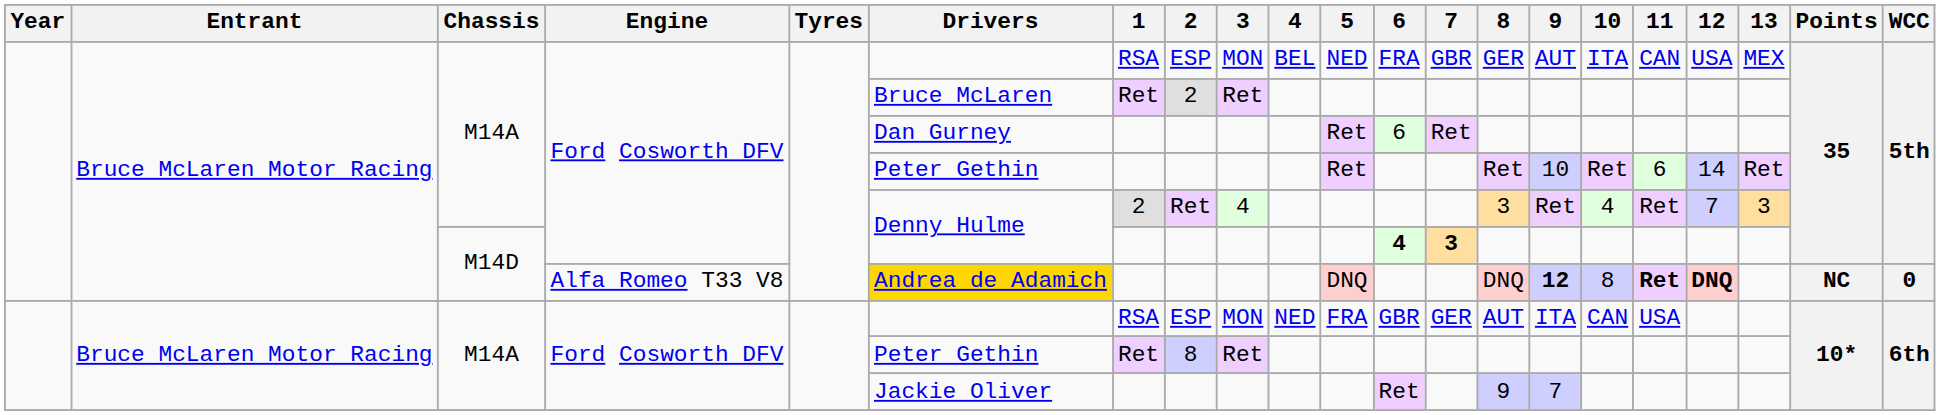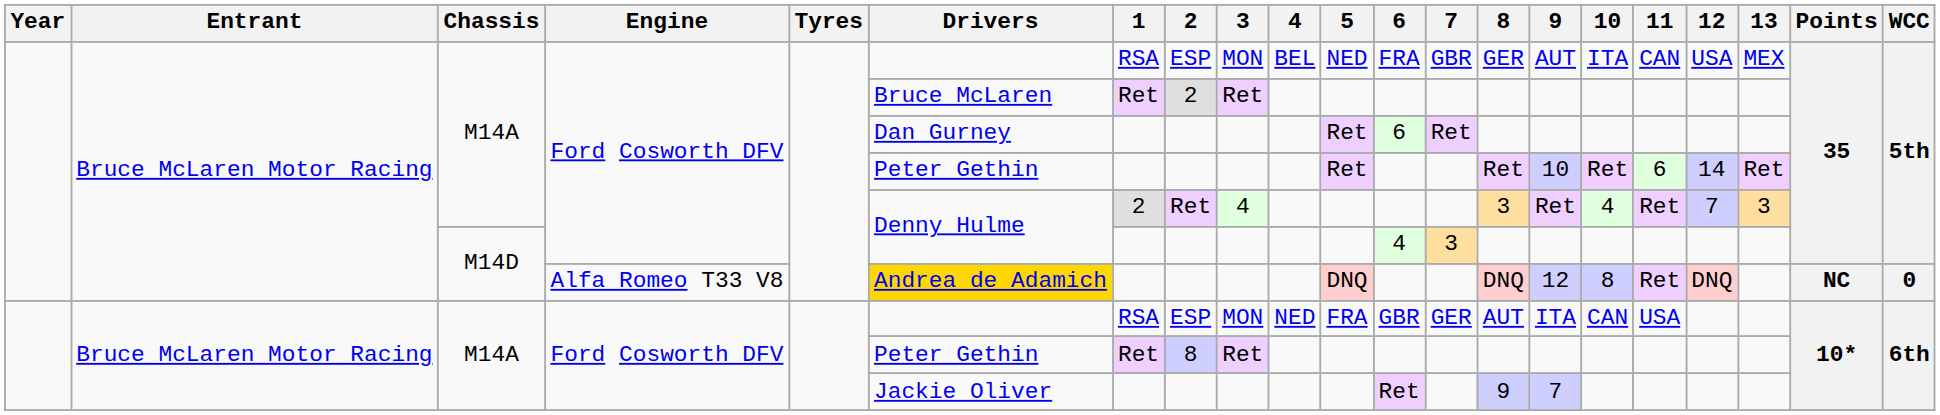 <table class="wikitable" style="text-align:center; font-size:95%">
 <tr>
 <th>Year</th>
 <th>Entrant</th>
 <th>Chassis</th>
 <th>Engine</th>
 <th>Tyres</th>
 <th>Drivers</th>
 <th>1</th>
 <th>2</th>
 <th>3</th>
 <th>4</th>
 <th>5</th>
 <th>6</th>
 <th>7</th>
 <th>8</th>
 <th>9</th>
 <th>10</th>
 <th>11</th>
 <th>12</th>
 <th>13</th>
 <th>Points</th>
 <th>WCC</th>
 </tr>
 <tr>
 <td rowspan="7"></td>
 <td rowspan="7"><a href='#'>Bruce McLaren Motor Racing</a></td>
 <td rowspan="5">M14A</td>
 <td rowspan="6"><a href='#'>Ford</a> <a href='#'>Cosworth DFV</a></td>
 <td rowspan="7"></td>
 <td></td>
 <td><a href='#'>RSA</a></td>
 <td><a href='#'>ESP</a></td>
 <td><a href='#'>MON</a></td>
 <td><a href='#'>BEL</a></td>
 <td><a href='#'>NED</a></td>
 <td><a href='#'>FRA</a></td>
 <td><a href='#'>GBR</a></td>
 <td><a href='#'>GER</a></td>
 <td><a href='#'>AUT</a></td>
 <td><a href='#'>ITA</a></td>
 <td><a href='#'>CAN</a></td>
 <td><a href='#'>USA</a></td>
 <td><a href='#'>MEX</a></td>
 <th rowspan="6">35</th>
 <th rowspan="6">5th</th>
 </tr>
 <tr>
 <td align="left"> <a href='#'>Bruce McLaren</a></td>
 <td style="background:#EFCFFF;">Ret</td>
 <td style="background:#DFDFDF;">2</td>
 <td style="background:#EFCFFF;">Ret</td>
 <td></td>
 <td></td>
 <td></td>
 <td></td>
 <td></td>
 <td></td>
 <td></td>
 <td></td>
 <td></td>
 <td></td>
 </tr>
 <tr>
 <td align="left"> <a href='#'>Dan Gurney</a></td>
 <td></td>
 <td></td>
 <td></td>
 <td></td>
 <td style="background:#EFCFFF;">Ret</td>
 <td style="background:#DFFFDF;">6</td>
 <td style="background:#EFCFFF;">Ret</td>
 <td></td>
 <td></td>
 <td></td>
 <td></td>
 <td></td>
 <td></td>
 </tr>
 <tr>
 <td align="left"> <a href='#'>Peter Gethin</a></td>
 <td></td>
 <td></td>
 <td></td>
 <td></td>
 <td style="background:#EFCFFF;">Ret</td>
 <td></td>
 <td></td>
 <td style="background:#EFCFFF;">Ret</td>
 <td style="background:#CFCFFF;">10</td>
 <td style="background:#EFCFFF;">Ret</td>
 <td style="background:#DFFFDF;">6</td>
 <td style="background:#CFCFFF;">14</td>
 <td style="background:#EFCFFF;">Ret</td>
 </tr>
 <tr>
 <td rowspan="2" align="left"> <a href='#'>Denny Hulme</a></td>
 <td style="background:#DFDFDF;">2</td>
 <td style="background:#EFCFFF;">Ret</td>
 <td style="background:#DFFFDF;">4</td>
 <td></td>
 <td></td>
 <td></td>
 <td></td>
 <td style="background:#FFDF9F;">3</td>
 <td style="background:#EFCFFF;">Ret</td>
 <td style="background:#DFFFDF;">4</td>
 <td style="background:#EFCFFF;">Ret</td>
 <td style="background:#CFCFFF;">7</td>
 <td style="background:#FFDF9F;">3</td>
 </tr>
 <tr>
 <td rowspan="2">M14D</td>
 <td></td>
 <td></td>
 <td></td>
 <td></td>
 <td></td>
-<td style="background:#DFFFDF;"><strong>4</strong></td>
-<td style="background:#FFDF9F;"><strong>3</strong></td>
+<td style="background:#DFFFDF;">4</td>
+<td style="background:#FFDF9F;">3</td>
 <td></td>
 <td></td>
 <td></td>
 <td></td>
 <td></td>
 <td></td>
 </tr>
 <tr>
 <td><a href='#'>Alfa Romeo</a> T33 V8</td>
 <td align="left" style="background: gold;"> <a href='#'>Andrea de Adamich</a></td>
 <td></td>
 <td></td>
 <td></td>
 <td></td>
 <td style="background:#ffcfcf;">DNQ</td>
 <td></td>
 <td></td>
 <td style="background:#ffcfcf;">DNQ</td>
-<td style="background:#CFCFFF;"><strong>12</strong></td>
+<td style="background:#CFCFFF;">12</td>
 <td style="background:#CFCFFF;">8</td>
-<td style="background:#EFCFFF;"><strong>Ret</strong></td>
-<td style="background:#ffcfcf;"><strong>DNQ</strong></td>
+<td style="background:#EFCFFF;">Ret</td>
+<td style="background:#ffcfcf;">DNQ</td>
 <td></td>
 <th>NC</th>
 <th>0</th>
 </tr>
 <tr>
 <td rowspan="3"></td>
 <td rowspan="3"><a href='#'>Bruce McLaren Motor Racing</a></td>
 <td rowspan="3">M14A</td>
 <td rowspan="3"><a href='#'>Ford</a> <a href='#'>Cosworth DFV</a></td>
 <td rowspan="3"></td>
 <td></td>
 <td><a href='#'>RSA</a></td>
 <td><a href='#'>ESP</a></td>
 <td><a href='#'>MON</a></td>
 <td><a href='#'>NED</a></td>
 <td><a href='#'>FRA</a></td>
 <td><a href='#'>GBR</a></td>
 <td><a href='#'>GER</a></td>
 <td><a href='#'>AUT</a></td>
 <td><a href='#'>ITA</a></td>
 <td><a href='#'>CAN</a></td>
 <td><a href='#'>USA</a></td>
 <td></td>
 <td></td>
 <th rowspan=3>10*</th>
 <th rowspan=3>6th</th>
 </tr>
 <tr>
 <td align="left"> <a href='#'>Peter Gethin</a></td>
 <td style="background:#EFCFFF;">Ret</td>
 <td style="background:#CFCFFF;">8</td>
 <td style="background:#EFCFFF;">Ret</td>
 <td></td>
 <td></td>
 <td></td>
 <td></td>
 <td></td>
 <td></td>
 <td></td>
 <td></td>
 <td></td>
 <td></td>
 </tr>
 <tr>
 <td align="left"> <a href='#'>Jackie Oliver</a></td>
 <td></td>
 <td></td>
 <td></td>
 <td></td>
 <td></td>
 <td style="background:#EFCFFF;">Ret</td>
 <td></td>
 <td style="background:#CFCFFF;">9</td>
 <td style="background:#CFCFFF;">7</td>
 <td></td>
 <td></td>
 <td></td>
 <td></td>
 </tr>
 </table>
